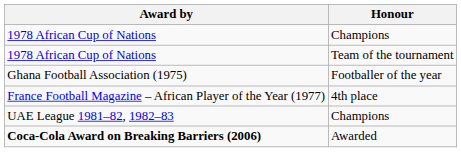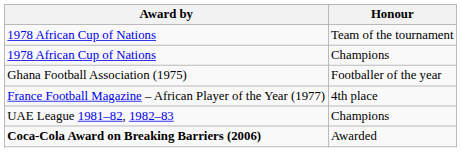 <table class="wikitable">
 <tr>
 <th>Award by</th>
 <th>Honour</th>
 </tr>
 <tr>
 <td><a href='#'>1978 African Cup of Nations</a></td>
-<td>Champions</td>
+<td>Team of the tournament</td>
 </tr>
 <tr>
 <td><a href='#'>1978 African Cup of Nations</a></td>
-<td>Team of the tournament</td>
+<td>Champions</td>
 </tr>
 <tr>
 <td>Ghana Football Association (1975)</td>
 <td>Footballer of the year</td>
 </tr>
 <tr>
 <td><a href='#'>France Football Magazine</a> – African Player of the Year (1977)</td>
 <td>4th place</td>
 </tr>
 <tr>
 <td>UAE League <a href='#'>1981–82</a>, <a href='#'>1982–83</a></td>
 <td>Champions</td>
 </tr>
 <tr>
 <td><strong>Coca-Cola Award on Breaking Barriers (2006)</strong></td>
 <td>Awarded</td>
 </tr>
 </table>
